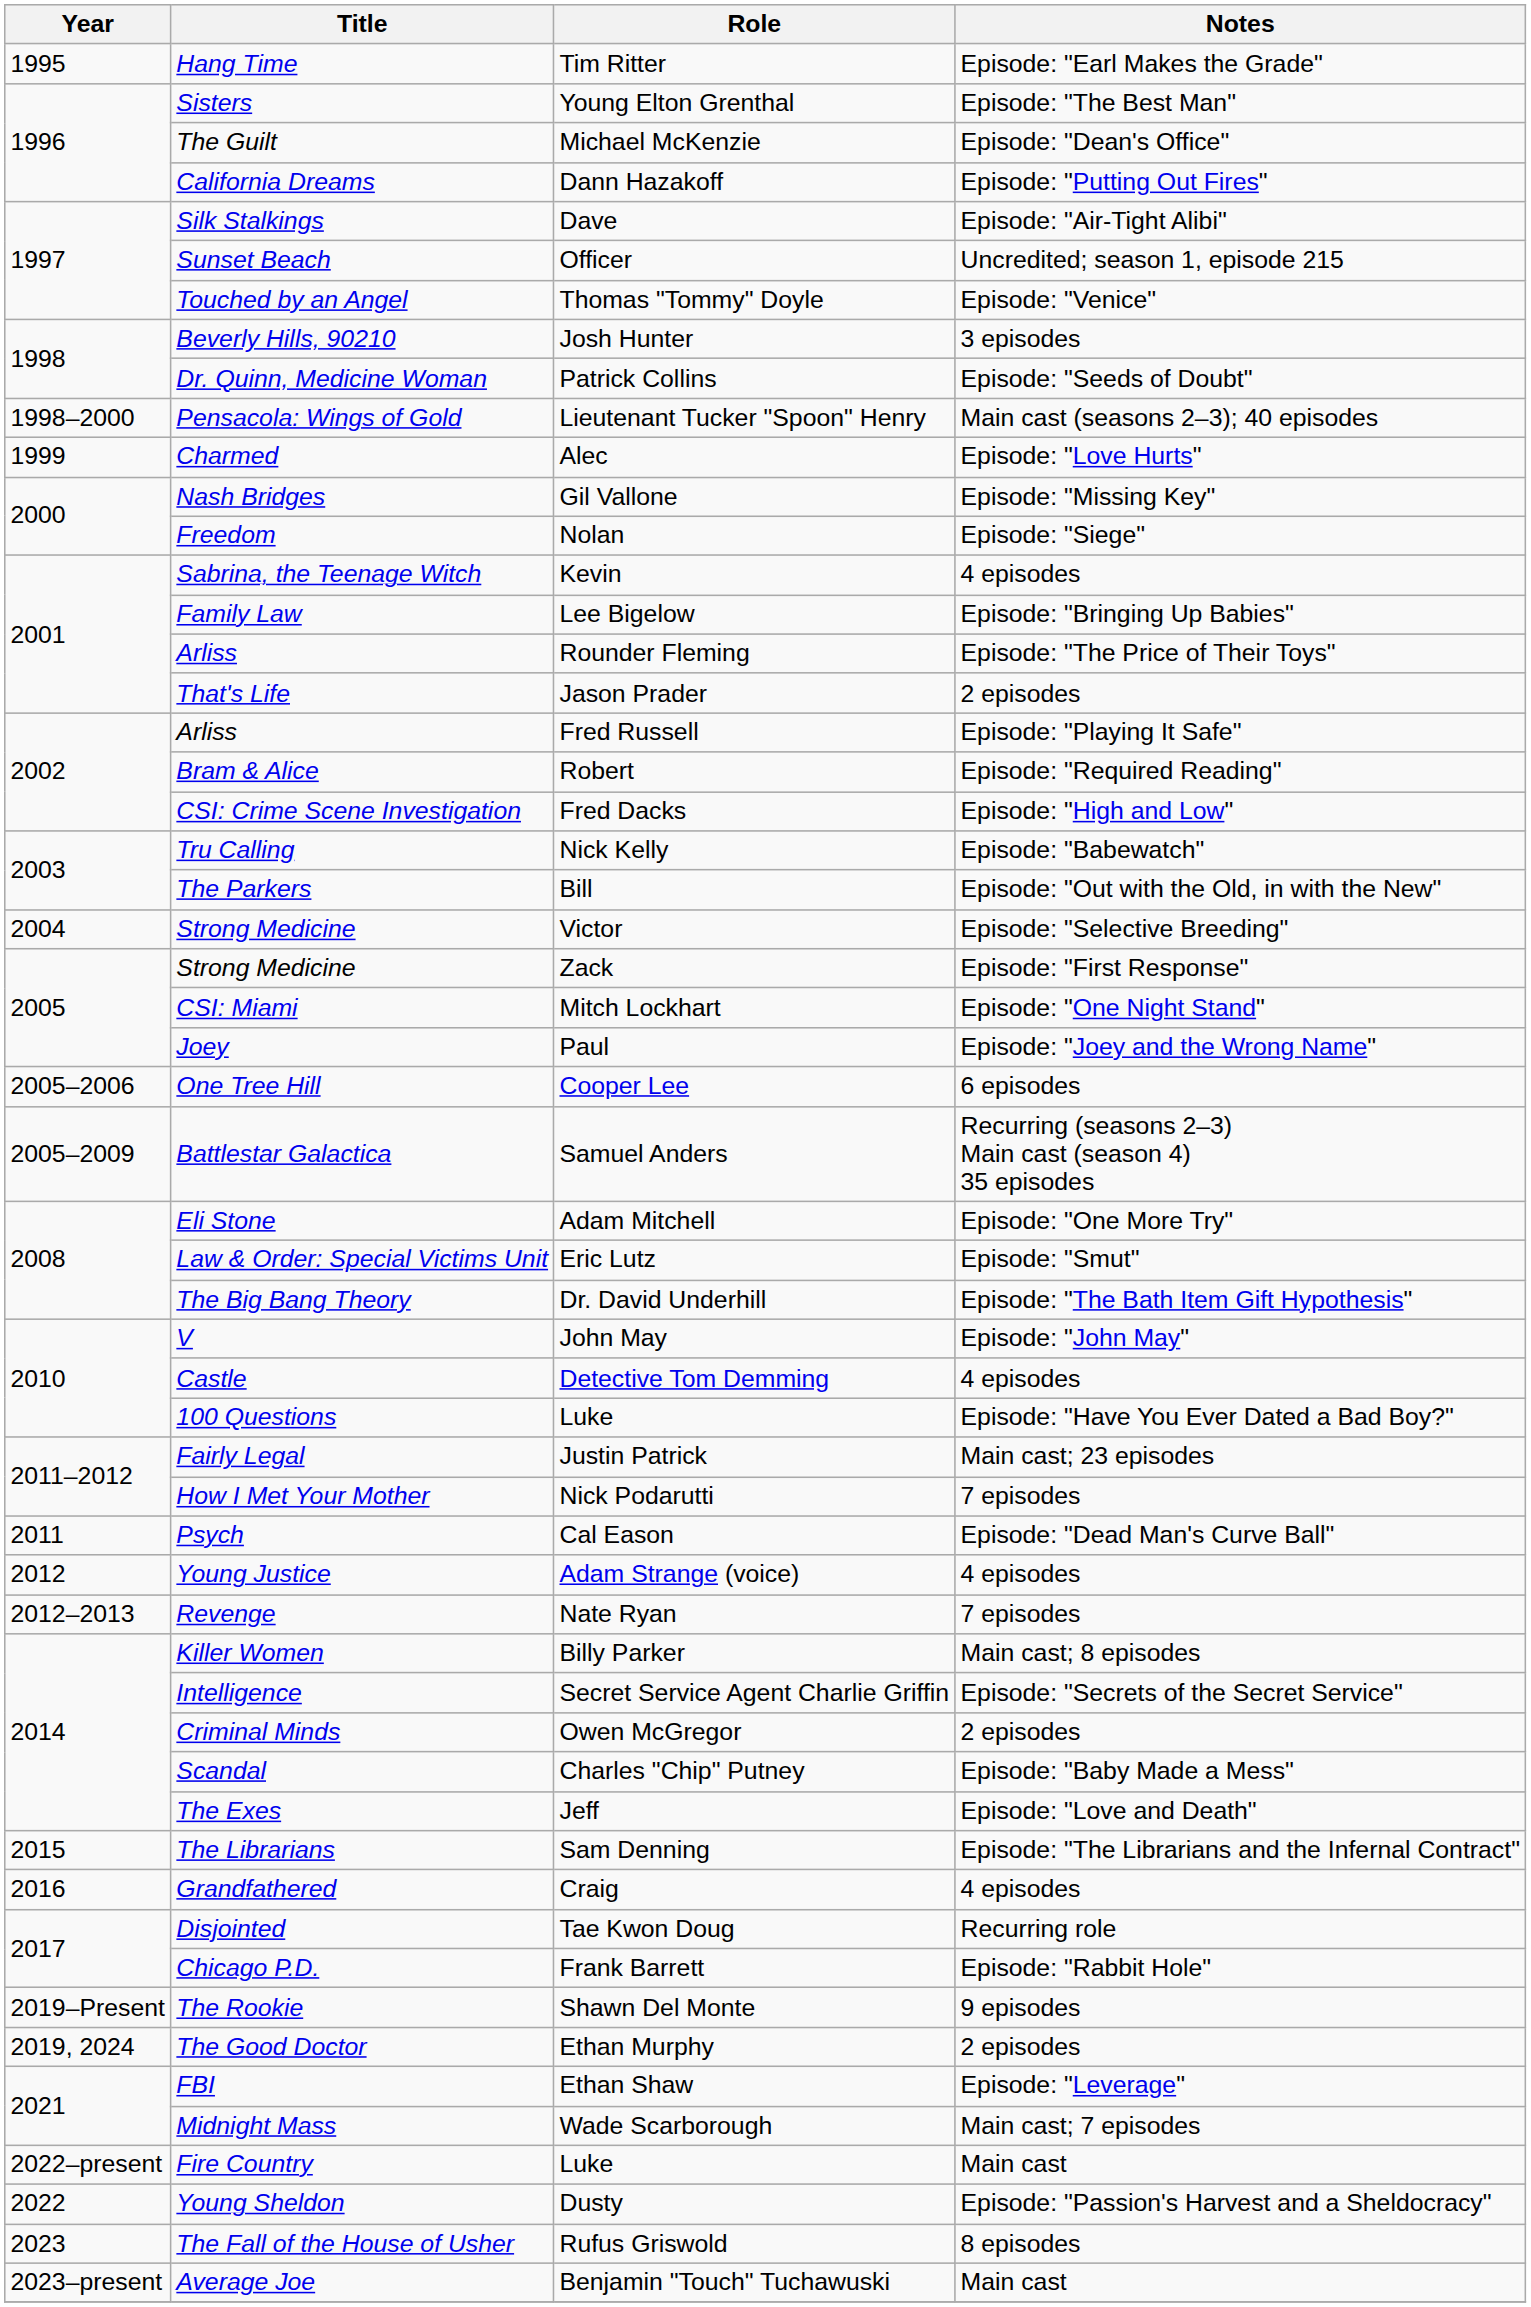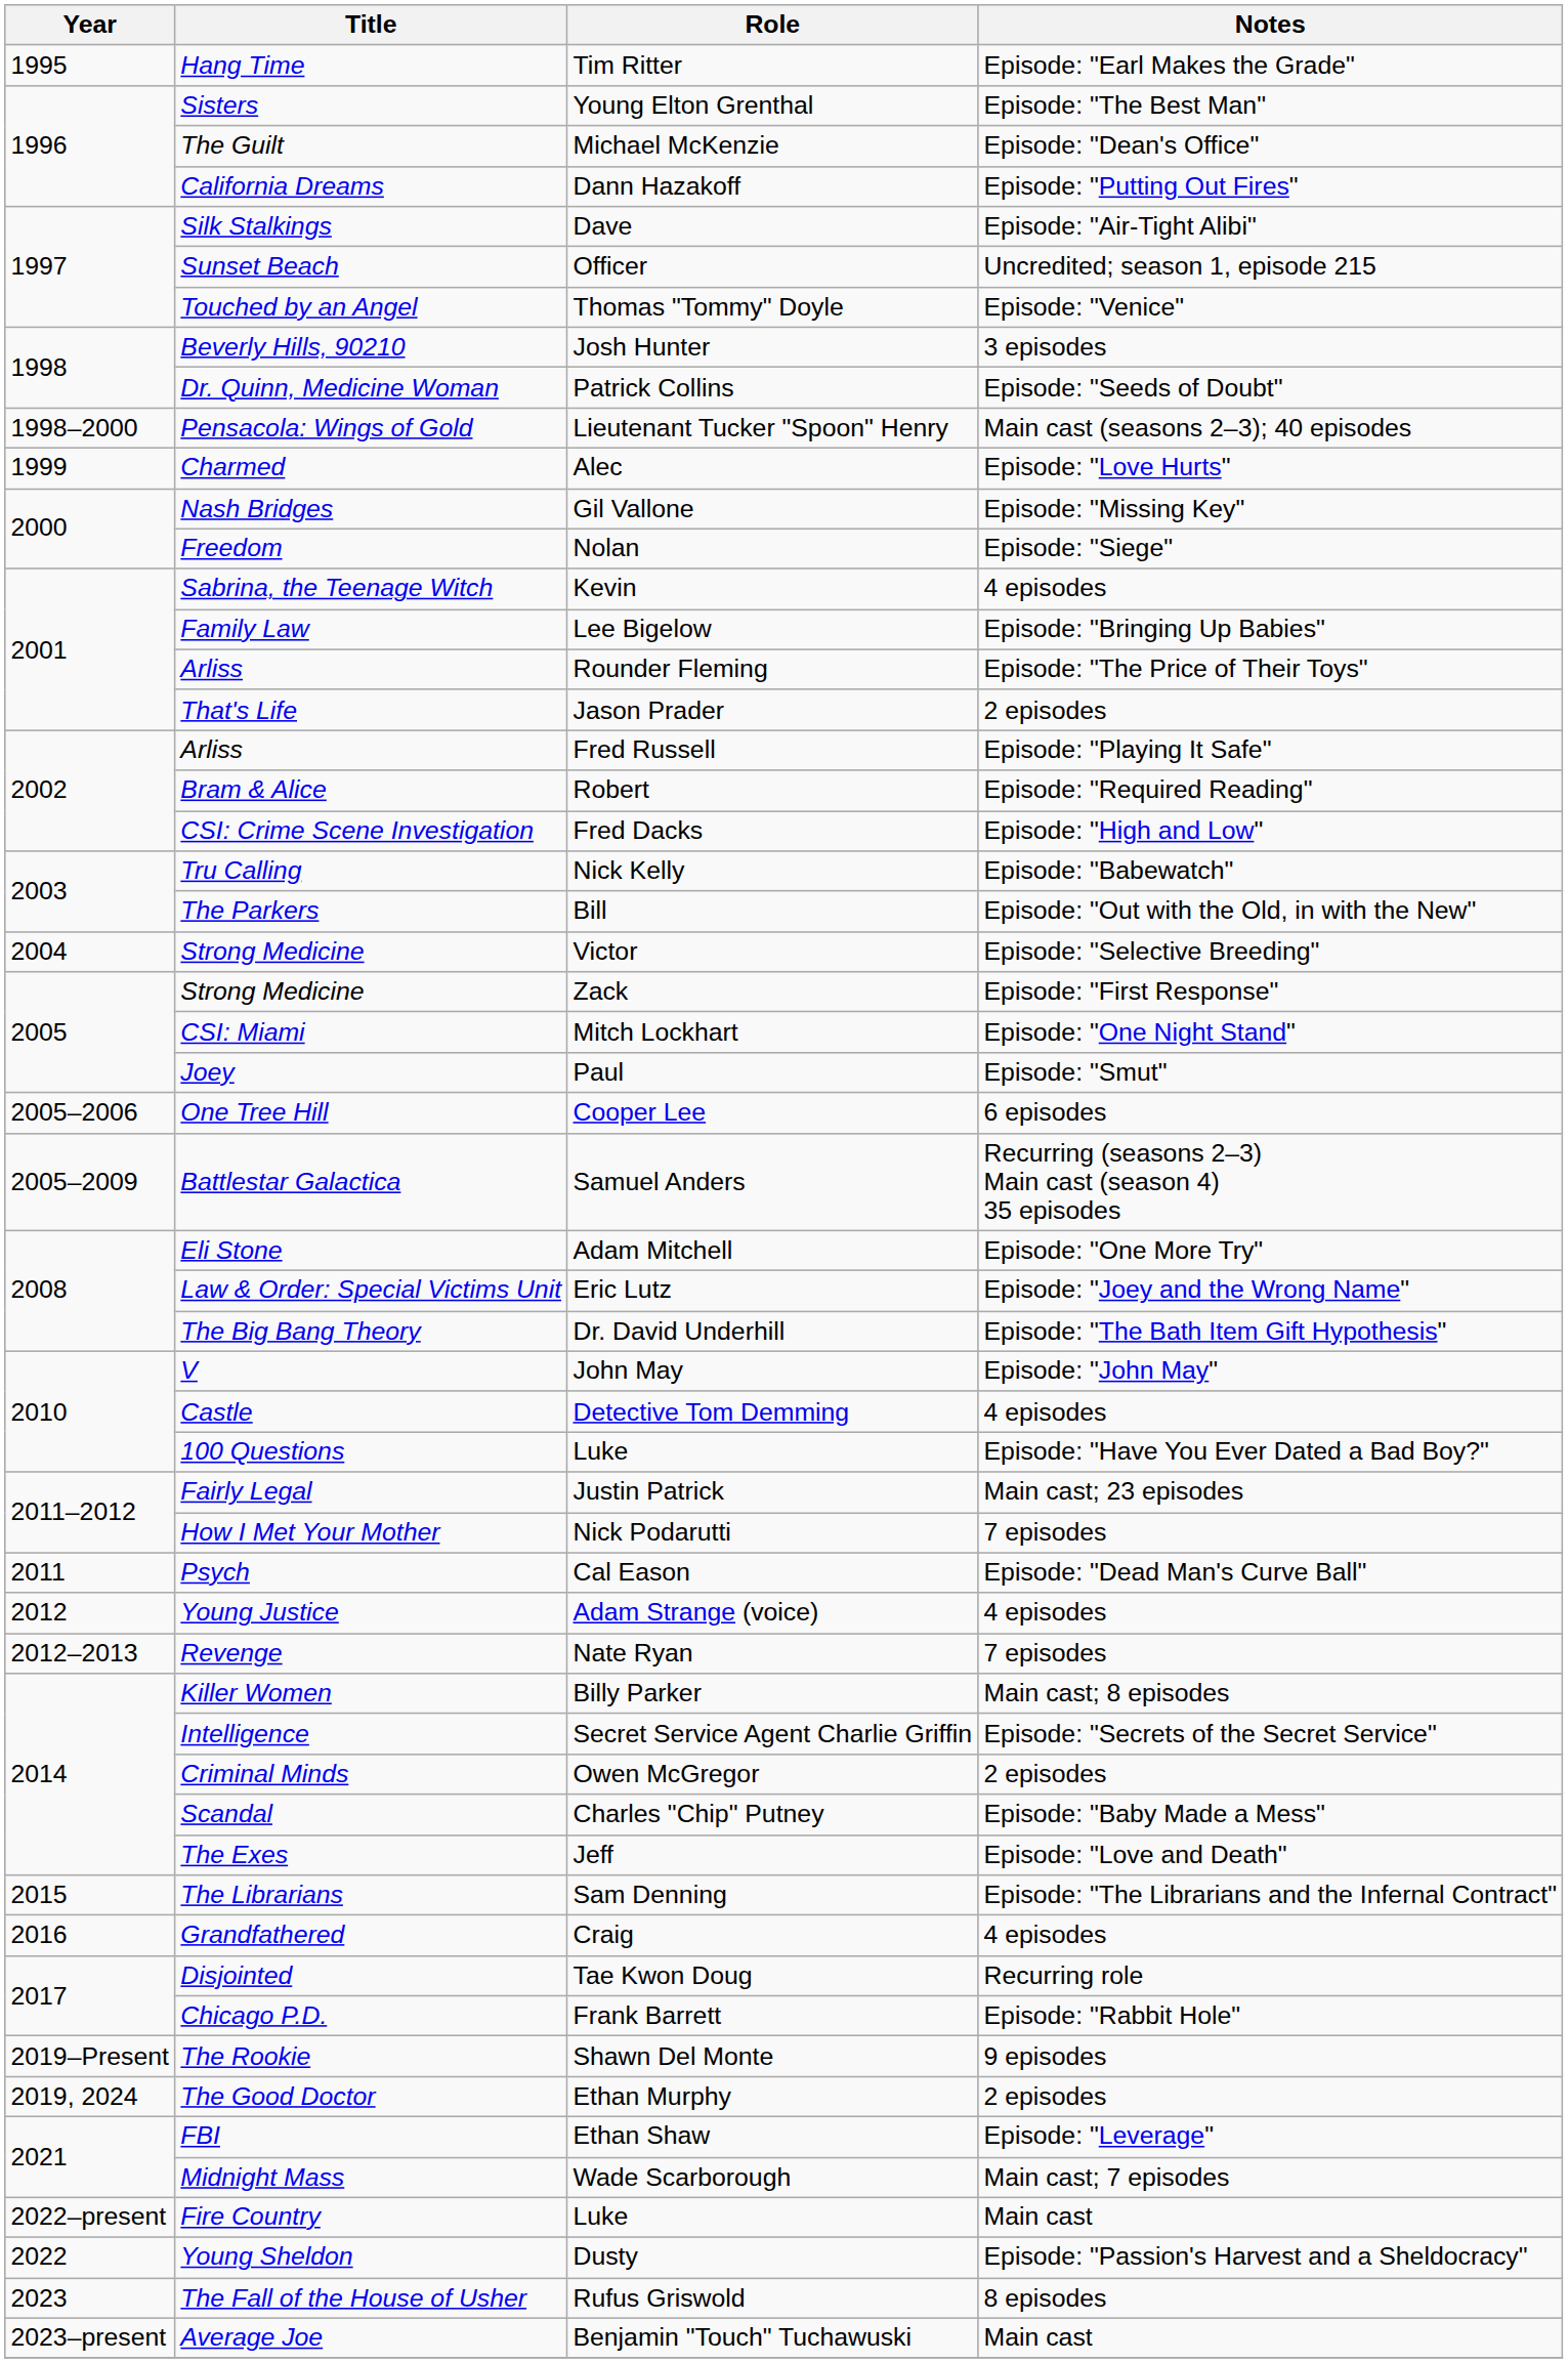 <table class="wikitable sortable">
 <tr>
 <th>Year</th>
 <th>Title</th>
 <th>Role</th>
 <th class="unsortable">Notes</th>
 </tr>
 <tr>
 <td>1995</td>
 <td><em><a href='#'>Hang Time</a></em></td>
 <td>Tim Ritter</td>
 <td>Episode: "Earl Makes the Grade"</td>
 </tr>
 <tr>
 <td rowspan="3">1996</td>
 <td><em><a href='#'>Sisters</a></em></td>
 <td>Young Elton Grenthal</td>
 <td>Episode: "The Best Man"</td>
 </tr>
 <tr>
 <td><em>The Guilt</em></td>
 <td>Michael McKenzie</td>
 <td>Episode: "Dean's Office"</td>
 </tr>
 <tr>
 <td><em><a href='#'>California Dreams</a></em></td>
 <td>Dann Hazakoff</td>
 <td>Episode: "<a href='#'>Putting Out Fires</a>"</td>
 </tr>
 <tr>
 <td rowspan="3">1997</td>
 <td><em><a href='#'>Silk Stalkings</a></em></td>
 <td>Dave</td>
 <td>Episode: "Air-Tight Alibi"</td>
 </tr>
 <tr>
 <td><em><a href='#'>Sunset Beach</a></em></td>
 <td>Officer</td>
 <td>Uncredited; season 1, episode 215</td>
 </tr>
 <tr>
 <td><em><a href='#'>Touched by an Angel</a></em></td>
 <td>Thomas "Tommy" Doyle</td>
 <td>Episode: "Venice"</td>
 </tr>
 <tr>
 <td rowspan="2">1998</td>
 <td><em><a href='#'>Beverly Hills, 90210</a></em></td>
 <td>Josh Hunter</td>
 <td>3 episodes</td>
 </tr>
 <tr>
 <td><em><a href='#'>Dr. Quinn, Medicine Woman</a></em></td>
 <td>Patrick Collins</td>
 <td>Episode: "Seeds of Doubt"</td>
 </tr>
 <tr>
 <td>1998–2000</td>
 <td><em><a href='#'>Pensacola: Wings of Gold</a></em></td>
 <td>Lieutenant Tucker "Spoon" Henry</td>
 <td>Main cast (seasons 2–3); 40 episodes</td>
 </tr>
 <tr>
 <td>1999</td>
 <td><em><a href='#'>Charmed</a></em></td>
 <td>Alec</td>
 <td>Episode: "<a href='#'>Love Hurts</a>"</td>
 </tr>
 <tr>
 <td rowspan="2">2000</td>
 <td><em><a href='#'>Nash Bridges</a></em></td>
 <td>Gil Vallone</td>
 <td>Episode: "Missing Key"</td>
 </tr>
 <tr>
 <td><em><a href='#'>Freedom</a></em></td>
 <td>Nolan</td>
 <td>Episode: "Siege"</td>
 </tr>
 <tr>
 <td rowspan="4">2001</td>
 <td><em><a href='#'>Sabrina, the Teenage Witch</a></em></td>
 <td>Kevin</td>
 <td>4 episodes</td>
 </tr>
 <tr>
 <td><em><a href='#'>Family Law</a></em></td>
 <td>Lee Bigelow</td>
 <td>Episode: "Bringing Up Babies"</td>
 </tr>
 <tr>
 <td><em><a href='#'>Arliss</a></em></td>
 <td>Rounder Fleming</td>
 <td>Episode: "The Price of Their Toys"</td>
 </tr>
 <tr>
 <td><em><a href='#'>That's Life</a></em></td>
 <td>Jason Prader</td>
 <td>2 episodes</td>
 </tr>
 <tr>
 <td rowspan="3">2002</td>
 <td><em>Arliss</em></td>
 <td>Fred Russell</td>
 <td>Episode: "Playing It Safe"</td>
 </tr>
 <tr>
 <td><em><a href='#'>Bram & Alice</a></em></td>
 <td>Robert</td>
 <td>Episode: "Required Reading"</td>
 </tr>
 <tr>
 <td><em><a href='#'>CSI: Crime Scene Investigation</a></em></td>
 <td>Fred Dacks</td>
 <td>Episode: "<a href='#'>High and Low</a>"</td>
 </tr>
 <tr>
 <td rowspan="2">2003</td>
 <td><em><a href='#'>Tru Calling</a></em></td>
 <td>Nick Kelly</td>
 <td>Episode: "Babewatch"</td>
 </tr>
 <tr>
 <td><em><a href='#'>The Parkers</a></em></td>
 <td>Bill</td>
 <td>Episode: "Out with the Old, in with the New"</td>
 </tr>
 <tr>
 <td>2004</td>
 <td><em><a href='#'>Strong Medicine</a></em></td>
 <td>Victor</td>
 <td>Episode: "Selective Breeding"</td>
 </tr>
 <tr>
 <td rowspan="3">2005</td>
 <td><em>Strong Medicine</em></td>
 <td>Zack</td>
 <td>Episode: "First Response"</td>
 </tr>
 <tr>
 <td><em><a href='#'>CSI: Miami</a></em></td>
 <td>Mitch Lockhart</td>
 <td>Episode: "<a href='#'>One Night Stand</a>"</td>
 </tr>
 <tr>
 <td><em><a href='#'>Joey</a></em></td>
 <td>Paul</td>
-<td>Episode: "<a href='#'>Joey and the Wrong Name</a>"</td>
+<td>Episode: "Smut"</td>
 </tr>
 <tr>
 <td>2005–2006</td>
 <td><em><a href='#'>One Tree Hill</a></em></td>
 <td><a href='#'>Cooper Lee</a></td>
 <td>6 episodes</td>
 </tr>
 <tr>
 <td>2005–2009</td>
 <td><em><a href='#'>Battlestar Galactica</a></em></td>
 <td>Samuel Anders</td>
 <td>Recurring (seasons 2–3)<br>Main cast (season 4)<br>35 episodes</td>
 </tr>
 <tr>
 <td rowspan="3">2008</td>
 <td><em><a href='#'>Eli Stone</a></em></td>
 <td>Adam Mitchell</td>
 <td>Episode: "One More Try"</td>
 </tr>
 <tr>
 <td><em><a href='#'>Law & Order: Special Victims Unit</a></em></td>
 <td>Eric Lutz</td>
-<td>Episode: "Smut"</td>
+<td>Episode: "<a href='#'>Joey and the Wrong Name</a>"</td>
 </tr>
 <tr>
 <td><em><a href='#'>The Big Bang Theory</a></em></td>
 <td>Dr. David Underhill</td>
 <td>Episode: "<a href='#'>The Bath Item Gift Hypothesis</a>"</td>
 </tr>
 <tr>
 <td rowspan="3">2010</td>
 <td><em><a href='#'>V</a></em></td>
 <td>John May</td>
 <td>Episode: "<a href='#'>John May</a>"</td>
 </tr>
 <tr>
 <td><em><a href='#'>Castle</a></em></td>
 <td><a href='#'>Detective Tom Demming</a></td>
 <td>4 episodes</td>
 </tr>
 <tr>
 <td><em><a href='#'>100 Questions</a></em></td>
 <td>Luke</td>
 <td>Episode: "Have You Ever Dated a Bad Boy?"</td>
 </tr>
 <tr>
 <td rowspan="2">2011–2012</td>
 <td><em><a href='#'>Fairly Legal</a></em></td>
 <td>Justin Patrick</td>
 <td>Main cast; 23 episodes</td>
 </tr>
 <tr>
 <td><em><a href='#'>How I Met Your Mother</a></em></td>
 <td>Nick Podarutti</td>
 <td>7 episodes</td>
 </tr>
 <tr>
 <td>2011</td>
 <td><em><a href='#'>Psych</a></em></td>
 <td>Cal Eason</td>
 <td>Episode: "Dead Man's Curve Ball"</td>
 </tr>
 <tr>
 <td>2012</td>
 <td><em><a href='#'>Young Justice</a></em></td>
 <td><a href='#'>Adam Strange</a> (voice)</td>
 <td>4 episodes</td>
 </tr>
 <tr>
 <td>2012–2013</td>
 <td><em><a href='#'>Revenge</a></em></td>
 <td>Nate Ryan</td>
 <td>7 episodes</td>
 </tr>
 <tr>
 <td rowspan="5">2014</td>
 <td><em><a href='#'>Killer Women</a></em></td>
 <td>Billy Parker</td>
 <td>Main cast; 8 episodes</td>
 </tr>
 <tr>
 <td><em><a href='#'>Intelligence</a></em></td>
 <td>Secret Service Agent Charlie Griffin</td>
 <td>Episode: "Secrets of the Secret Service"</td>
 </tr>
 <tr>
 <td><em><a href='#'>Criminal Minds</a></em></td>
 <td>Owen McGregor</td>
 <td>2 episodes</td>
 </tr>
 <tr>
 <td><em><a href='#'>Scandal</a></em></td>
 <td>Charles "Chip" Putney</td>
 <td>Episode: "Baby Made a Mess"</td>
 </tr>
 <tr>
 <td><em><a href='#'>The Exes</a></em></td>
 <td>Jeff</td>
 <td>Episode: "Love and Death"</td>
 </tr>
 <tr>
 <td>2015</td>
 <td><em><a href='#'>The Librarians</a></em></td>
 <td>Sam Denning</td>
 <td>Episode: "The Librarians and the Infernal Contract"</td>
 </tr>
 <tr>
 <td>2016</td>
 <td><em><a href='#'>Grandfathered</a></em></td>
 <td>Craig</td>
 <td>4 episodes</td>
 </tr>
 <tr>
 <td rowspan="2">2017</td>
 <td><em><a href='#'>Disjointed</a></em></td>
 <td>Tae Kwon Doug</td>
 <td>Recurring role</td>
 </tr>
 <tr>
 <td><em><a href='#'>Chicago P.D.</a></em></td>
 <td>Frank Barrett</td>
 <td>Episode: "Rabbit Hole"</td>
 </tr>
 <tr>
 <td>2019–Present</td>
 <td><em><a href='#'>The Rookie</a></em></td>
 <td>Shawn Del Monte</td>
 <td>9 episodes</td>
 </tr>
 <tr>
 <td>2019, 2024</td>
 <td><em><a href='#'>The Good Doctor</a></em></td>
 <td>Ethan Murphy</td>
 <td>2 episodes</td>
 </tr>
 <tr>
 <td rowspan="2">2021</td>
 <td><em><a href='#'>FBI</a></em></td>
 <td>Ethan Shaw</td>
 <td>Episode: "<a href='#'>Leverage</a>"</td>
 </tr>
 <tr>
 <td><em><a href='#'>Midnight Mass</a></em></td>
 <td>Wade Scarborough</td>
 <td>Main cast; 7 episodes</td>
 </tr>
 <tr>
 <td>2022–present</td>
 <td><em><a href='#'>Fire Country</a></em></td>
 <td>Luke</td>
 <td>Main cast</td>
 </tr>
 <tr>
 <td>2022</td>
 <td><em><a href='#'>Young Sheldon</a></em></td>
 <td>Dusty</td>
 <td>Episode: "Passion's Harvest and a Sheldocracy"</td>
 </tr>
 <tr>
 <td>2023</td>
 <td><em><a href='#'>The Fall of the House of Usher</a></em></td>
 <td>Rufus Griswold</td>
 <td>8 episodes</td>
 </tr>
 <tr>
 <td>2023–present</td>
 <td><em><a href='#'>Average Joe</a></em></td>
 <td>Benjamin "Touch" Tuchawuski</td>
 <td>Main cast</td>
 </tr>
 <tr>
 </tr>
 </table>
